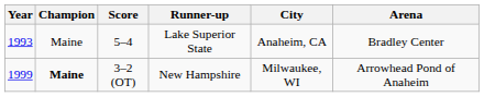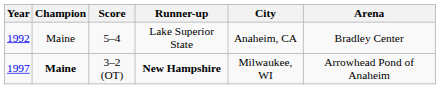 <table class="wikitable" style="text-align: center">
 <tr>
 <th>Year</th>
 <th>Champion</th>
 <th>Score</th>
 <th>Runner-up</th>
 <th>City</th>
 <th>Arena</th>
 </tr>
 <tr>
-<td><a href='#'>1993</a></td>
+<td><a href='#'>1992</a></td>
 <td>Maine</td>
 <td>5–4</td>
 <td>Lake Superior State</td>
 <td>Anaheim, CA</td>
 <td>Bradley Center</td>
 </tr>
 <tr>
-<td><a href='#'>1999</a></td>
+<td><a href='#'>1997</a></td>
 <td><strong>Maine</strong></td>
 <td>3–2 (OT)</td>
-<td>New Hampshire</td>
+<td><strong>New Hampshire</strong></td>
 <td>Milwaukee, WI</td>
 <td>Arrowhead Pond of Anaheim</td>
 </tr>
 </table>
